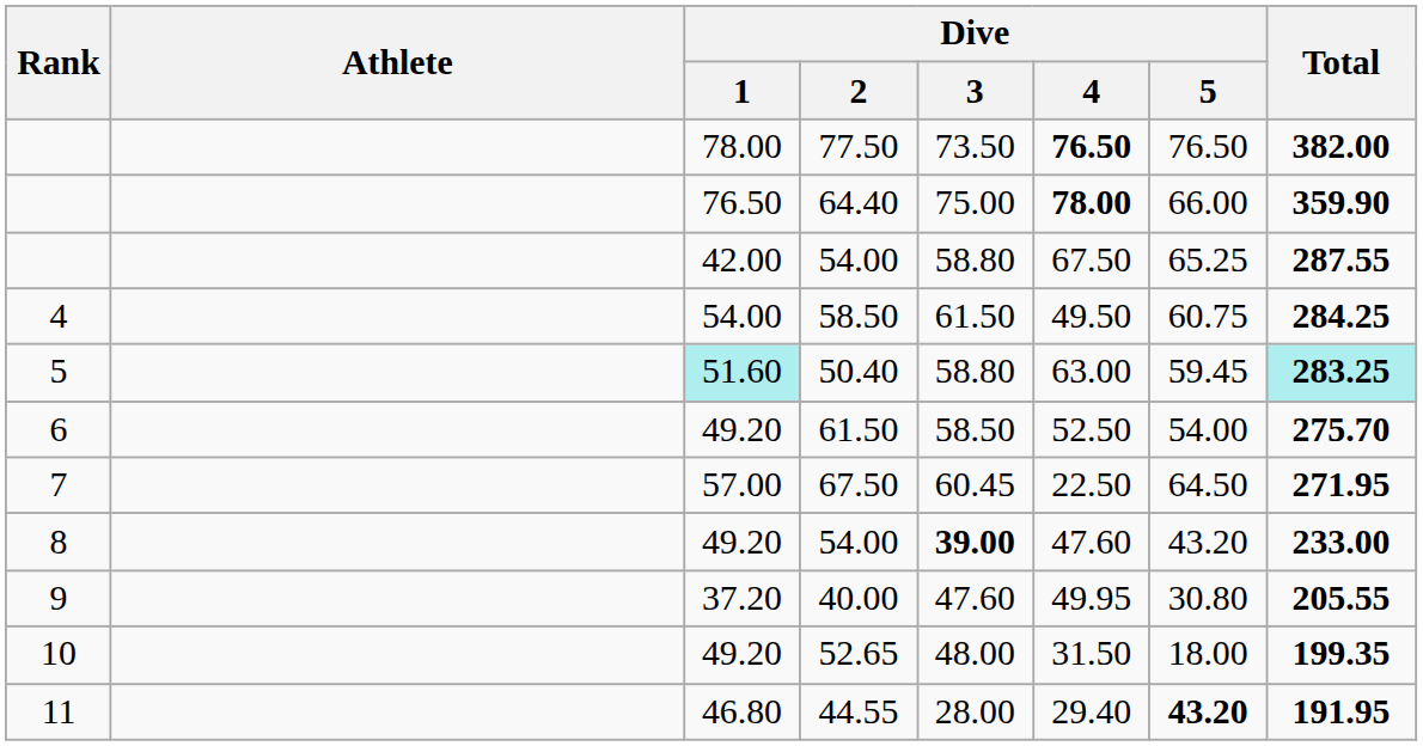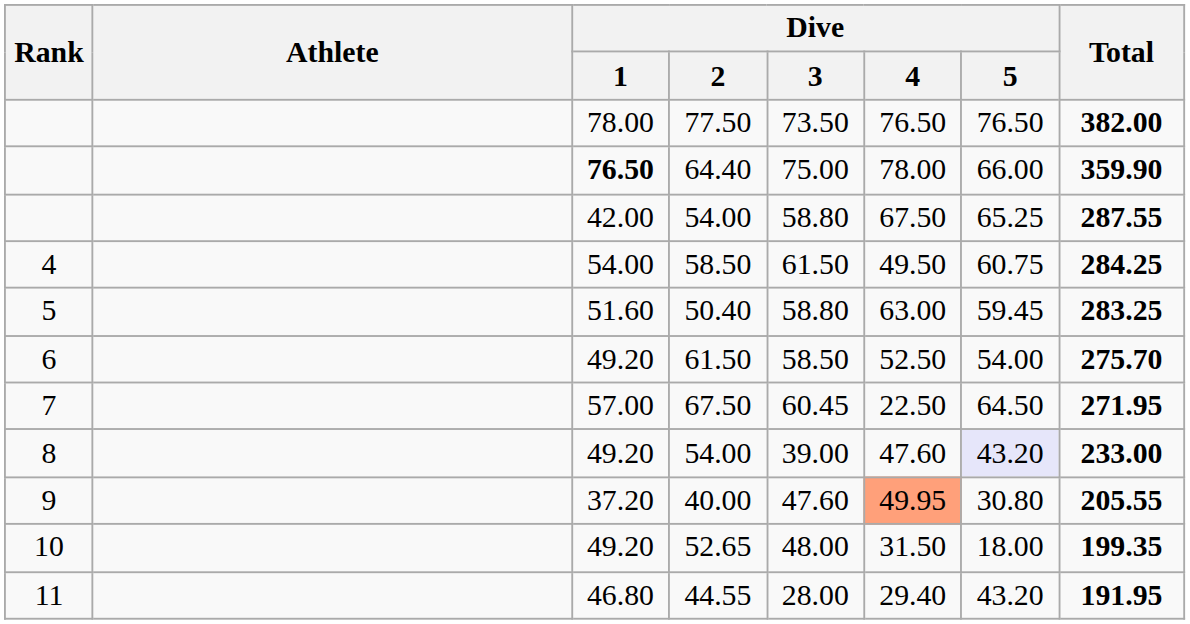 <table class=wikitable style="text-align:center">
 <tr>
 <th rowspan="2" width=40>Rank</th>
 <th rowspan="2" width=250>Athlete</th>
 <th colspan="5">Dive</th>
 <th rowspan="2" width=60>Total</th>
 </tr>
 <tr>
 <th width=45>1</th>
 <th width=45>2</th>
 <th width=45>3</th>
 <th width=45>4</th>
 <th width=45>5</th>
 </tr>
 <tr>
 <td></td>
 <td align=left></td>
 <td>78.00</td>
 <td>77.50</td>
 <td>73.50</td>
-<td><strong>76.50</strong></td>
+<td>76.50</td>
 <td>76.50</td>
 <td><strong>382.00</strong></td>
 </tr>
 <tr>
 <td></td>
 <td align=left></td>
-<td>76.50</td>
+<td><strong>76.50</strong></td>
 <td>64.40</td>
 <td>75.00</td>
-<td><strong>78.00</strong></td>
+<td>78.00</td>
 <td>66.00</td>
 <td><strong>359.90</strong></td>
 </tr>
 <tr>
 <td></td>
 <td align=left></td>
 <td>42.00</td>
 <td>54.00</td>
 <td>58.80</td>
 <td>67.50</td>
 <td>65.25</td>
 <td><strong>287.55</strong></td>
 </tr>
 <tr>
 <td>4</td>
 <td align=left></td>
 <td>54.00</td>
 <td>58.50</td>
 <td>61.50</td>
 <td>49.50</td>
 <td>60.75</td>
 <td><strong>284.25</strong></td>
 </tr>
 <tr>
 <td>5</td>
 <td align=left></td>
-<td style="background: paleturquoise;">51.60</td>
+<td>51.60</td>
 <td>50.40</td>
 <td>58.80</td>
 <td>63.00</td>
 <td>59.45</td>
-<td style="background: paleturquoise;"><strong>283.25</strong></td>
+<td><strong>283.25</strong></td>
 </tr>
 <tr>
 <td>6</td>
 <td align=left></td>
 <td>49.20</td>
 <td>61.50</td>
 <td>58.50</td>
 <td>52.50</td>
 <td>54.00</td>
 <td><strong>275.70</strong></td>
 </tr>
 <tr>
 <td>7</td>
 <td align=left></td>
 <td>57.00</td>
 <td>67.50</td>
 <td>60.45</td>
 <td>22.50</td>
 <td>64.50</td>
 <td><strong>271.95</strong></td>
 </tr>
 <tr>
 <td>8</td>
 <td align=left></td>
 <td>49.20</td>
 <td>54.00</td>
-<td><strong>39.00</strong></td>
+<td>39.00</td>
 <td>47.60</td>
-<td>43.20</td>
+<td style="background: lavender;">43.20</td>
 <td><strong>233.00</strong></td>
 </tr>
 <tr>
 <td>9</td>
 <td align=left></td>
 <td>37.20</td>
 <td>40.00</td>
 <td>47.60</td>
-<td>49.95</td>
+<td style="background: lightsalmon;">49.95</td>
 <td>30.80</td>
 <td><strong>205.55</strong></td>
 </tr>
 <tr>
 <td>10</td>
 <td align=left></td>
 <td>49.20</td>
 <td>52.65</td>
 <td>48.00</td>
 <td>31.50</td>
 <td>18.00</td>
 <td><strong>199.35</strong></td>
 </tr>
 <tr>
 <td>11</td>
 <td align=left></td>
 <td>46.80</td>
 <td>44.55</td>
 <td>28.00</td>
 <td>29.40</td>
-<td><strong>43.20</strong></td>
+<td>43.20</td>
 <td><strong>191.95</strong></td>
 </tr>
 </table>
